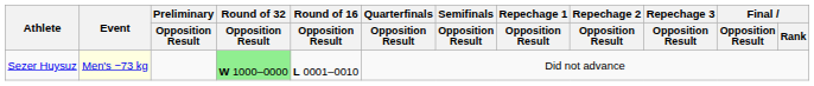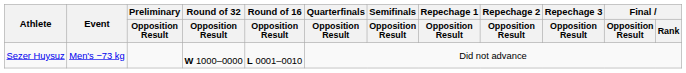 <table class="wikitable" style="font-size:90%">
 <tr>
 <th rowspan="2">Athlete</th>
 <th rowspan="2">Event</th>
 <th>Preliminary</th>
 <th>Round of 32</th>
 <th>Round of 16</th>
 <th>Quarterfinals</th>
 <th>Semifinals</th>
 <th>Repechage 1</th>
 <th>Repechage 2</th>
 <th>Repechage 3</th>
 <th colspan=2>Final / </th>
 </tr>
 <tr style="font-size:95%">
 <th>Opposition<br>Result</th>
 <th>Opposition<br>Result</th>
 <th>Opposition<br>Result</th>
 <th>Opposition<br>Result</th>
 <th>Opposition<br>Result</th>
 <th>Opposition<br>Result</th>
 <th>Opposition<br>Result</th>
 <th>Opposition<br>Result</th>
 <th>Opposition<br>Result</th>
 <th>Rank</th>
 </tr>
 <tr align=center>
 <td align=left><a href='#'>Sezer Huysuz</a></td>
-<td align=left style="background: lightyellow;"><a href='#'>Men's −73 kg</a></td>
+<td align=left><a href='#'>Men's −73 kg</a></td>
 <td></td>
-<td style="background: lightgreen;"><br><strong>W</strong> 1000–0000</td>
+<td><br><strong>W</strong> 1000–0000</td>
 <td><br><strong>L</strong> 0001–0010</td>
 <td colspan=7>Did not advance</td>
 </tr>
 </table>
